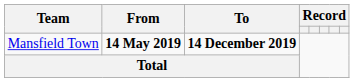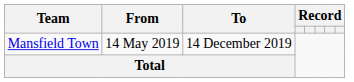 <table class=wikitable style=text-align:center>
 <tr>
 <th rowspan=2>Team</th>
 <th rowspan=2>From</th>
 <th rowspan=2>To</th>
 <th colspan=5>Record</th>
 </tr>
 <tr>
 <th></th>
 <th></th>
 <th></th>
 <th></th>
 <th></th>
 </tr>
 <tr>
 <td align=left><a href='#'>Mansfield Town</a></td>
-<td align=left><strong>14 May 2019</strong></td>
-<td align=left><strong>14 December 2019<br></strong></td>
+<td align=left>14 May 2019</td>
+<td align=left>14 December 2019<br></td>
 </tr>
 <tr>
 <th colspan=3>Total<br></th>
 </tr>
 </table>
